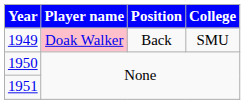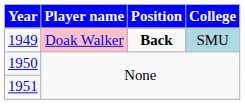 <table class="wikitable" style="text-align:center">
 <tr>
 <th scope="col" style="color:white; background-color:blue;">Year</th>
 <th scope="col" style="color:white; background-color:blue;">Player name</th>
 <th scope="col" style="color:white; background-color:blue;">Position</th>
 <th scope="col" style="color:white; background-color:blue;">College</th>
 </tr>
 <tr>
 <td style="text-align:center;"><a href='#'>1949</a></td>
 <td style="background: pink;"><a href='#'>Doak Walker</a></td>
-<td>Back</td>
-<td>SMU</td>
+<td><strong>Back</strong></td>
+<td style="background: lightblue;">SMU</td>
 </tr>
 <tr>
 <td style="text-align:center;"><a href='#'>1950</a></td>
 <td colspan=3 rowspan=2>None</td>
 </tr>
 <tr>
 <td style="text-align:center;"><a href='#'>1951</a></td>
 </tr>
 </table>
